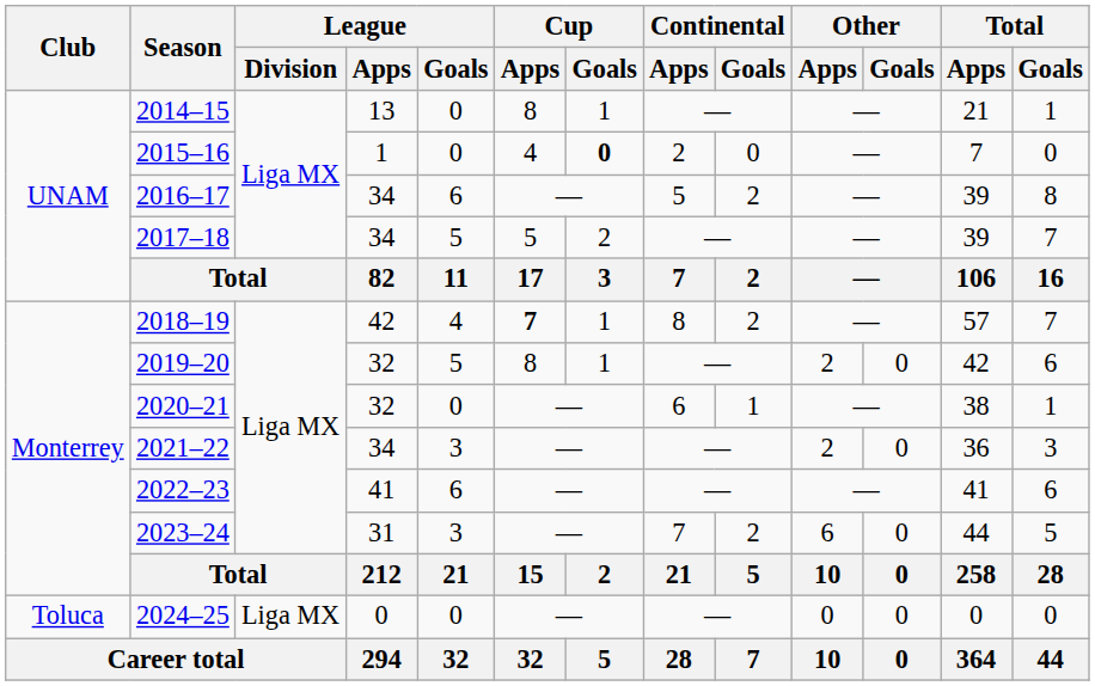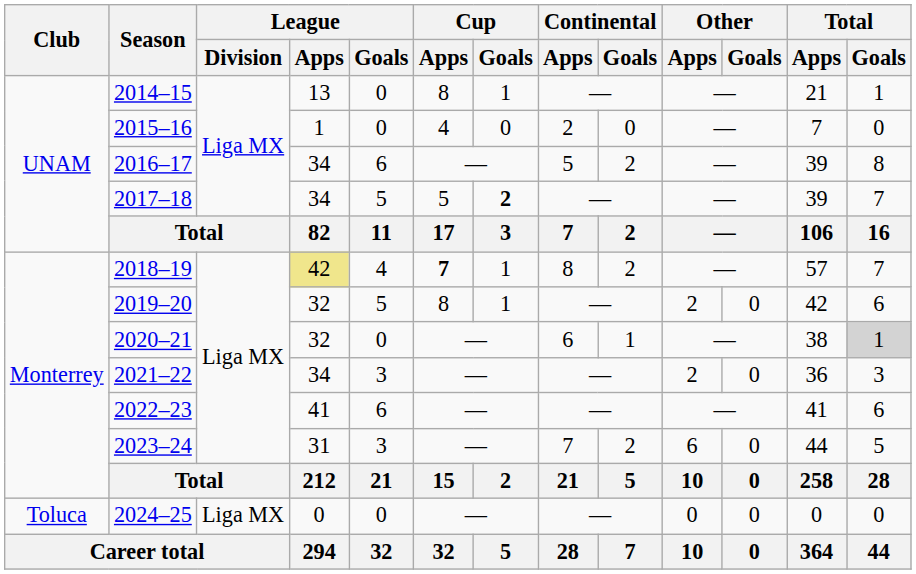 <table class="wikitable" style="text-align:center">
 <tr>
 <th rowspan="2">Club</th>
 <th rowspan="2">Season</th>
 <th colspan="3">League</th>
 <th colspan="2">Cup</th>
 <th colspan="2">Continental</th>
 <th colspan="2">Other</th>
 <th colspan="2">Total</th>
 </tr>
 <tr>
 <th>Division</th>
 <th>Apps</th>
 <th>Goals</th>
 <th>Apps</th>
 <th>Goals</th>
 <th>Apps</th>
 <th>Goals</th>
 <th>Apps</th>
 <th>Goals</th>
 <th>Apps</th>
 <th>Goals</th>
 </tr>
 <tr>
 <td rowspan="5"><a href='#'>UNAM</a></td>
 <td><a href='#'>2014–15</a></td>
 <td rowspan="4"><a href='#'>Liga MX</a></td>
 <td>13</td>
 <td>0</td>
 <td>8</td>
 <td>1</td>
 <td colspan="2">—</td>
 <td colspan="2">—</td>
 <td>21</td>
 <td>1</td>
 </tr>
 <tr>
 <td><a href='#'>2015–16</a></td>
 <td>1</td>
 <td>0</td>
 <td>4</td>
-<td><strong>0</strong></td>
+<td>0</td>
 <td>2</td>
 <td>0</td>
 <td colspan="2">—</td>
 <td>7</td>
 <td>0</td>
 </tr>
 <tr>
 <td><a href='#'>2016–17</a></td>
 <td>34</td>
 <td>6</td>
 <td colspan="2">—</td>
 <td>5</td>
 <td>2</td>
 <td colspan="2">—</td>
 <td>39</td>
 <td>8</td>
 </tr>
 <tr>
 <td><a href='#'>2017–18</a></td>
 <td>34</td>
 <td>5</td>
 <td>5</td>
-<td>2</td>
+<td><strong>2</strong></td>
 <td colspan="2">—</td>
 <td colspan="2">—</td>
 <td>39</td>
 <td>7</td>
 </tr>
 <tr>
 <th colspan="2">Total</th>
 <th>82</th>
 <th>11</th>
 <th>17</th>
 <th>3</th>
 <th>7</th>
 <th>2</th>
 <th colspan="2">—</th>
 <th>106</th>
 <th>16</th>
 </tr>
 <tr>
 <td rowspan="7"><a href='#'>Monterrey</a></td>
 <td><a href='#'>2018–19</a></td>
 <td rowspan="6">Liga MX</td>
-<td>42</td>
+<td style="background: khaki;">42</td>
 <td>4</td>
 <td><strong>7</strong></td>
 <td>1</td>
 <td>8</td>
 <td>2</td>
 <td colspan="2">—</td>
 <td>57</td>
 <td>7</td>
 </tr>
 <tr>
 <td><a href='#'>2019–20</a></td>
 <td>32</td>
 <td>5</td>
 <td>8</td>
 <td>1</td>
 <td colspan="2">—</td>
 <td>2</td>
 <td>0</td>
 <td>42</td>
 <td>6</td>
 </tr>
 <tr>
 <td><a href='#'>2020–21</a></td>
 <td>32</td>
 <td>0</td>
 <td colspan="2">—</td>
 <td>6</td>
 <td>1</td>
 <td colspan="2">—</td>
 <td>38</td>
-<td>1</td>
+<td style="background: lightgrey;">1</td>
 </tr>
 <tr>
 <td><a href='#'>2021–22</a></td>
 <td>34</td>
 <td>3</td>
 <td colspan=2>—</td>
 <td colspan=2>—</td>
 <td>2</td>
 <td>0</td>
 <td>36</td>
 <td>3</td>
 </tr>
 <tr>
 <td><a href='#'>2022–23</a></td>
 <td>41</td>
 <td>6</td>
 <td colspan=2>—</td>
 <td colspan=2>—</td>
 <td colspan=2>—</td>
 <td>41</td>
 <td>6</td>
 </tr>
 <tr>
 <td><a href='#'>2023–24</a></td>
 <td>31</td>
 <td>3</td>
 <td colspan=2>—</td>
 <td>7</td>
 <td>2</td>
 <td>6</td>
 <td>0</td>
 <td>44</td>
 <td>5</td>
 </tr>
 <tr>
 <th colspan="2">Total</th>
 <th>212</th>
 <th>21</th>
 <th>15</th>
 <th>2</th>
 <th>21</th>
 <th>5</th>
 <th>10</th>
 <th>0</th>
 <th>258</th>
 <th>28</th>
 </tr>
 <tr>
 <td rowspan="1"><a href='#'>Toluca</a></td>
 <td><a href='#'>2024–25</a></td>
 <td rowspan="1">Liga MX</td>
 <td>0</td>
 <td>0</td>
 <td colspan="2">—</td>
 <td colspan="2">—</td>
 <td>0</td>
 <td>0</td>
 <td>0</td>
 <td>0</td>
 </tr>
 <tr>
 <th colspan="3">Career total</th>
 <th>294</th>
 <th>32</th>
 <th>32</th>
 <th>5</th>
 <th>28</th>
 <th>7</th>
 <th>10</th>
 <th>0</th>
 <th>364</th>
 <th>44</th>
 </tr>
 </table>
